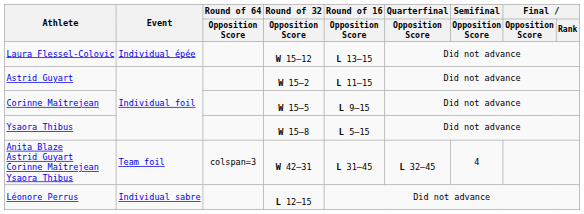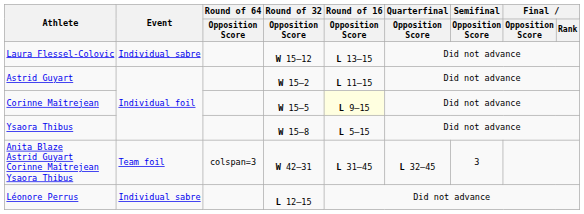 <table class="wikitable" style="font-size:90%">
 <tr>
 <th rowspan="2">Athlete</th>
 <th rowspan="2">Event</th>
 <th>Round of 64</th>
 <th>Round of 32</th>
 <th>Round of 16</th>
 <th>Quarterfinal</th>
 <th>Semifinal</th>
 <th colspan=2>Final / </th>
 </tr>
 <tr style="font-size:95%">
 <th>Opposition <br> Score</th>
 <th>Opposition <br> Score</th>
 <th>Opposition <br> Score</th>
 <th>Opposition <br> Score</th>
 <th>Opposition <br> Score</th>
 <th>Opposition <br> Score</th>
 <th>Rank</th>
 </tr>
 <tr align=center>
 <td align=left><a href='#'>Laura Flessel-Colovic</a></td>
-<td align=left><a href='#'>Individual épée</a></td>
+<td align=left><a href='#'>Individual sabre</a></td>
 <td></td>
 <td><br><strong>W</strong> 15–12</td>
 <td><br><strong>L</strong> 13–15</td>
 <td colspan=4>Did not advance</td>
 </tr>
 <tr align=center>
 <td align=left><a href='#'>Astrid Guyart</a></td>
 <td align=left rowspan=3><a href='#'>Individual foil</a></td>
 <td></td>
 <td><br><strong>W</strong> 15–2</td>
 <td><br><strong>L</strong> 11–15</td>
 <td colspan=4>Did not advance</td>
 </tr>
 <tr align=center>
 <td align=left><a href='#'>Corinne Maîtrejean</a></td>
 <td></td>
 <td><br><strong>W</strong> 15–5</td>
-<td><br><strong>L</strong> 9–15</td>
+<td style="background: lightyellow;"><br><strong>L</strong> 9–15</td>
 <td colspan=4>Did not advance</td>
 </tr>
 <tr align=center>
 <td align=left><a href='#'>Ysaora Thibus</a></td>
 <td></td>
 <td><br><strong>W</strong> 15–8</td>
 <td><br><strong>L</strong> 5–15</td>
 <td colspan=4>Did not advance</td>
 </tr>
 <tr align=center>
 <td align=left><a href='#'>Anita Blaze</a><br><a href='#'>Astrid Guyart</a><br><a href='#'>Corinne Maîtrejean</a><br><a href='#'>Ysaora Thibus</a></td>
 <td align=left><a href='#'>Team foil</a></td>
 <td>colspan=3 </td>
 <td><br><strong>W</strong> 42–31</td>
 <td><br><strong>L</strong> 31–45</td>
 <td><br><strong>L</strong> 32–45</td>
-<td>4</td>
+<td>3</td>
 </tr>
 <tr align=center>
 <td align=left><a href='#'>Léonore Perrus</a></td>
 <td align=left><a href='#'>Individual sabre</a></td>
 <td></td>
 <td><br><strong>L</strong> 12–15</td>
 <td colspan=5>Did not advance</td>
 </tr>
 </table>
